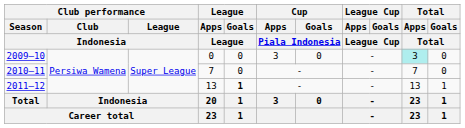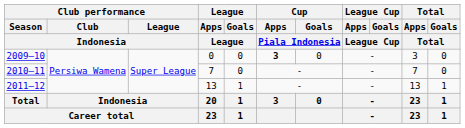 <table class="wikitable" style="text-align:center;">
 <tr>
 <th colspan=3>Club performance</th>
 <th colspan=2>League</th>
 <th colspan=2>Cup</th>
 <th colspan=2>League Cup</th>
 <th colspan=2>Total</th>
 </tr>
 <tr>
 <th>Season</th>
 <th>Club</th>
 <th>League</th>
 <th>Apps</th>
 <th>Goals</th>
 <th>Apps</th>
 <th>Goals</th>
 <th>Apps</th>
 <th>Goals</th>
 <th>Apps</th>
 <th>Goals</th>
 </tr>
 <tr>
 <th colspan=3>Indonesia</th>
 <th colspan=2>League</th>
 <th colspan=2><a href='#'>Piala Indonesia</a></th>
 <th colspan=2>League Cup</th>
 <th colspan=2>Total</th>
 </tr>
 <tr>
 <td><a href='#'>2009–10</a></td>
 <td rowspan="3"><a href='#'>Persiwa Wamena</a></td>
 <td rowspan="3"><a href='#'>Super League</a></td>
 <td>0</td>
 <td>0</td>
-<td>3</td>
+<td><strong>3</strong></td>
 <td>0</td>
 <td colspan="2">-</td>
-<td style="background: paleturquoise;">3</td>
+<td>3</td>
 <td>0</td>
 </tr>
 <tr>
 <td><a href='#'>2010–11</a></td>
 <td>7</td>
 <td>0</td>
 <td colspan="2">-</td>
 <td colspan="2">-</td>
 <td>7</td>
 <td>0</td>
 </tr>
 <tr>
 <td><a href='#'>2011–12</a></td>
 <td>13</td>
-<td><strong>1</strong></td>
+<td>1</td>
 <td colspan="2">-</td>
 <td colspan="2">-</td>
 <td>13</td>
 <td>1</td>
 </tr>
 <tr>
 <th rowspan=1>Total</th>
 <th colspan=2>Indonesia</th>
 <th>20</th>
 <th>1</th>
 <th>3</th>
 <th>0</th>
 <th colspan="2">-</th>
 <th>23</th>
 <th>1</th>
 </tr>
 <tr>
 <th colspan=3>Career total</th>
 <th>23</th>
 <th>1</th>
 <th></th>
 <th></th>
 <th colspan="2">-</th>
 <th>23</th>
 <th>1</th>
 </tr>
 </table>
